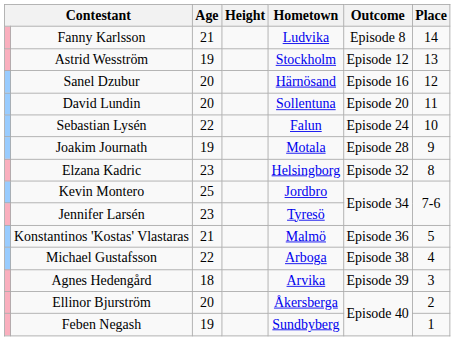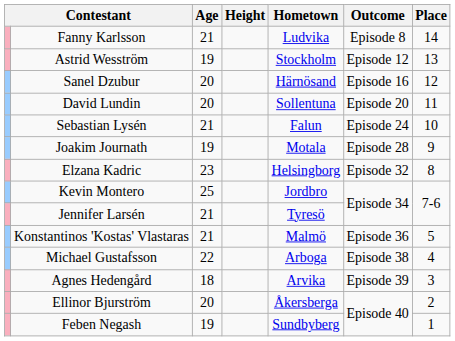 <table class="wikitable sortable" style="text-align:center;">
 <tr>
 <th colspan="2">Contestant</th>
 <th>Age</th>
 <th>Height</th>
 <th>Hometown</th>
 <th>Outcome</th>
 <th>Place</th>
 </tr>
 <tr>
 <td style="background:#faafbe"></td>
 <td>Fanny Karlsson</td>
 <td>21</td>
 <td></td>
 <td><a href='#'>Ludvika</a></td>
 <td>Episode 8</td>
 <td>14</td>
 </tr>
 <tr>
 <td style="background:#faafbe"></td>
 <td>Astrid Wesström</td>
 <td>19</td>
 <td></td>
 <td><a href='#'>Stockholm</a></td>
 <td>Episode 12</td>
 <td>13</td>
 </tr>
 <tr>
 <td style="background:#9cf;"></td>
 <td>Sanel Dzubur</td>
 <td>20</td>
 <td></td>
 <td><a href='#'>Härnösand</a></td>
 <td>Episode 16</td>
 <td>12</td>
 </tr>
 <tr>
 <td style="background:#9cf;"></td>
 <td>David Lundin</td>
 <td>20</td>
 <td></td>
 <td><a href='#'>Sollentuna</a></td>
 <td>Episode 20</td>
 <td>11</td>
 </tr>
 <tr>
 <td style="background:#9cf;"></td>
 <td>Sebastian Lysén</td>
-<td>22</td>
+<td>21</td>
 <td></td>
 <td><a href='#'>Falun</a></td>
 <td>Episode 24</td>
 <td>10</td>
 </tr>
 <tr>
 <td style="background:#9cf;"></td>
 <td>Joakim Journath</td>
 <td>19</td>
 <td></td>
 <td><a href='#'>Motala</a></td>
 <td>Episode 28</td>
 <td>9</td>
 </tr>
 <tr>
 <td style="background:#faafbe"></td>
 <td>Elzana Kadric</td>
 <td>23</td>
 <td></td>
 <td><a href='#'>Helsingborg</a></td>
 <td>Episode 32</td>
 <td>8</td>
 </tr>
 <tr>
 <td style="background:#9cf;"></td>
 <td>Kevin Montero</td>
 <td>25</td>
 <td></td>
 <td><a href='#'>Jordbro</a></td>
 <td rowspan="2">Episode 34</td>
 <td rowspan="2">7-6</td>
 </tr>
 <tr>
 <td style="background:#faafbe"></td>
 <td>Jennifer Larsén</td>
-<td>23</td>
+<td>21</td>
 <td></td>
 <td><a href='#'>Tyresö</a></td>
 </tr>
 <tr>
 <td style="background:#9cf;"></td>
 <td>Konstantinos 'Kostas' Vlastaras</td>
 <td>21</td>
 <td></td>
 <td><a href='#'>Malmö</a></td>
 <td>Episode 36</td>
 <td>5</td>
 </tr>
 <tr>
 <td style="background:#9cf;"></td>
 <td>Michael Gustafsson</td>
 <td>22</td>
 <td></td>
 <td><a href='#'>Arboga</a></td>
 <td>Episode 38</td>
 <td>4</td>
 </tr>
 <tr>
 <td style="background:#faafbe"></td>
 <td>Agnes Hedengård</td>
 <td>18</td>
 <td></td>
 <td><a href='#'>Arvika</a></td>
 <td>Episode 39</td>
 <td>3</td>
 </tr>
 <tr>
 <td style="background:#faafbe"></td>
 <td>Ellinor Bjurström</td>
 <td>20</td>
 <td></td>
 <td><a href='#'>Åkersberga</a></td>
 <td rowspan="2">Episode 40</td>
 <td>2</td>
 </tr>
 <tr>
 <td style="background:#faafbe"></td>
 <td>Feben Negash</td>
 <td>19</td>
 <td></td>
 <td><a href='#'>Sundbyberg</a></td>
 <td>1</td>
 </tr>
 </table>
